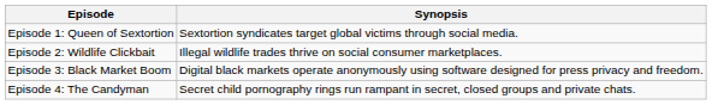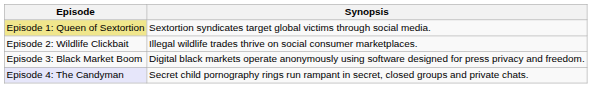 <table class="wikitable">
 <tr>
 <th>Episode</th>
 <th>Synopsis</th>
 </tr>
 <tr>
-<td>Episode 1: Queen of Sextortion</td>
+<td style="background: khaki;">Episode 1: Queen of Sextortion</td>
 <td>Sextortion syndicates target global victims through social media.</td>
 </tr>
 <tr>
 <td>Episode 2: Wildlife Clickbait</td>
 <td>Illegal wildlife trades thrive on social consumer marketplaces.</td>
 </tr>
 <tr>
 <td>Episode 3: Black Market Boom</td>
 <td>Digital black markets operate anonymously using software designed  for press privacy and freedom.</td>
 </tr>
 <tr>
-<td>Episode 4: The Candyman</td>
+<td style="background: lavender;">Episode 4: The Candyman</td>
 <td>Secret child pornography rings run rampant in secret, closed  groups and private chats.</td>
 </tr>
 </table>
